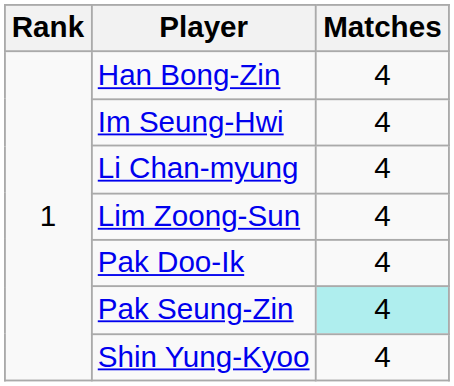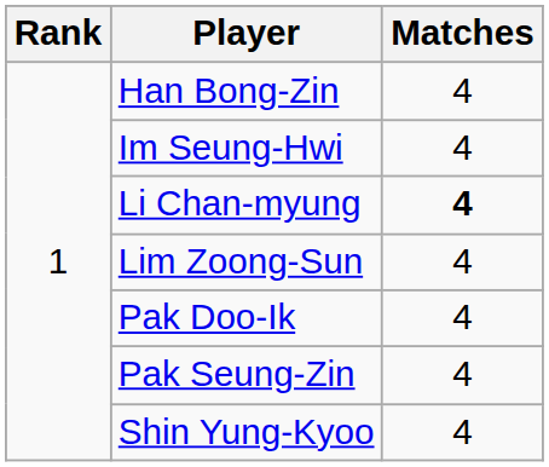 <table class="wikitable" style="text-align: left;">
 <tr>
 <th>Rank</th>
 <th>Player</th>
 <th>Matches</th>
 </tr>
 <tr>
 <td rowspan=7 align=center>1</td>
 <td><a href='#'>Han Bong-Zin</a></td>
 <td align=center>4</td>
 </tr>
 <tr>
 <td><a href='#'>Im Seung-Hwi</a></td>
 <td align=center>4</td>
 </tr>
 <tr>
 <td><a href='#'>Li Chan-myung</a></td>
-<td align=center>4</td>
+<td align=center><strong>4</strong></td>
 </tr>
 <tr>
 <td><a href='#'>Lim Zoong-Sun</a></td>
 <td align=center>4</td>
 </tr>
 <tr>
 <td><a href='#'>Pak Doo-Ik</a></td>
 <td align=center>4</td>
 </tr>
 <tr>
 <td><a href='#'>Pak Seung-Zin</a></td>
-<td align=center style="background: paleturquoise;">4</td>
+<td align=center>4</td>
 </tr>
 <tr>
 <td><a href='#'>Shin Yung-Kyoo</a></td>
 <td align=center>4</td>
 </tr>
 </table>
